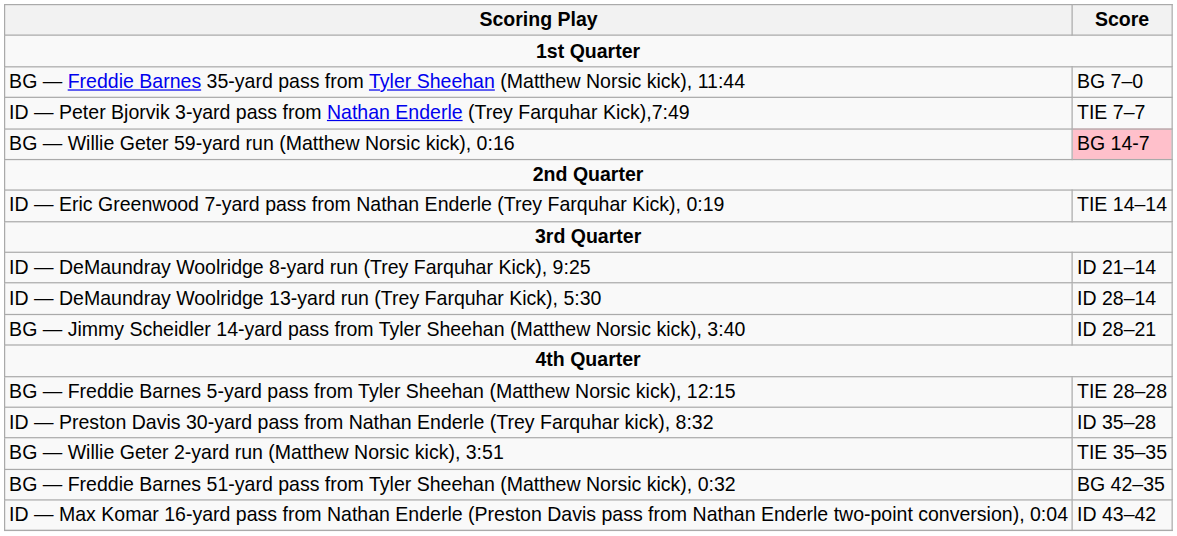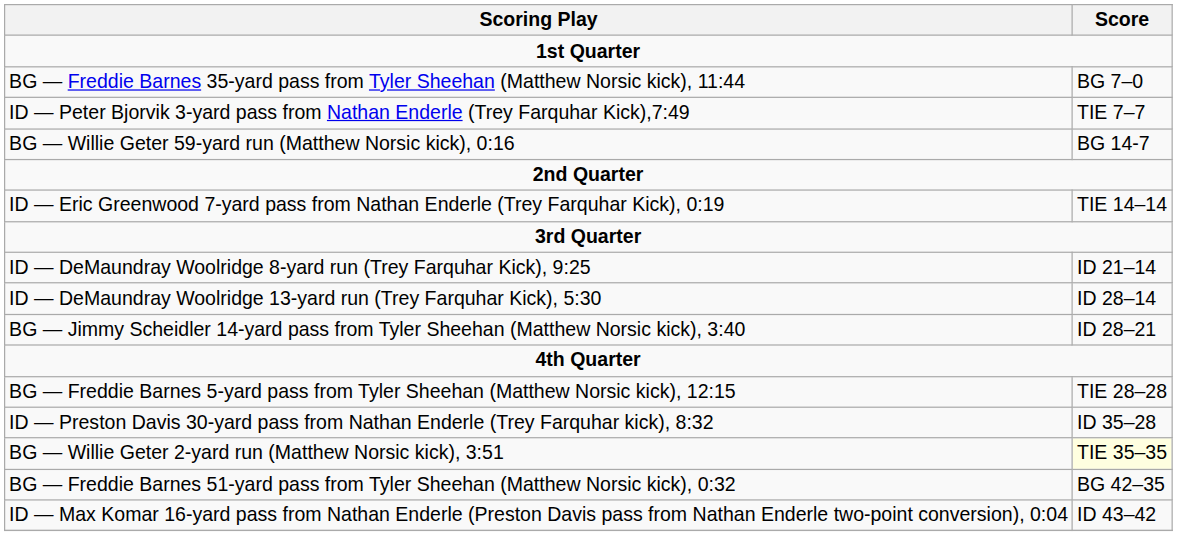 <table class="wikitable">
 <tr>
 <th>Scoring Play</th>
 <th>Score</th>
 </tr>
 <tr>
 <td colspan="4" align="center"><strong>1st Quarter</strong></td>
 </tr>
 <tr>
 <td>BG — <a href='#'>Freddie Barnes</a> 35-yard pass from <a href='#'>Tyler Sheehan</a> (Matthew Norsic kick), 11:44</td>
 <td>BG 7–0</td>
 </tr>
 <tr>
 <td>ID — Peter Bjorvik 3-yard pass from <a href='#'>Nathan Enderle</a> (Trey Farquhar Kick),7:49</td>
 <td>TIE 7–7</td>
 </tr>
 <tr>
 <td>BG — Willie Geter 59-yard run (Matthew Norsic kick), 0:16</td>
-<td style="background: pink;">BG 14-7</td>
+<td>BG 14-7</td>
 </tr>
 <tr>
 <td colspan="4" align="center"><strong>2nd Quarter</strong></td>
 </tr>
 <tr>
 <td>ID — Eric Greenwood 7-yard pass from Nathan Enderle (Trey Farquhar Kick), 0:19</td>
 <td>TIE 14–14</td>
 </tr>
 <tr>
 <td colspan="4" align="center"><strong>3rd Quarter</strong></td>
 </tr>
 <tr>
 <td>ID — DeMaundray Woolridge 8-yard run (Trey Farquhar Kick), 9:25</td>
 <td>ID 21–14</td>
 </tr>
 <tr>
 <td>ID — DeMaundray Woolridge 13-yard run (Trey Farquhar Kick), 5:30</td>
 <td>ID 28–14</td>
 </tr>
 <tr>
 <td>BG — Jimmy Scheidler 14-yard pass from Tyler Sheehan (Matthew Norsic kick), 3:40</td>
 <td>ID 28–21</td>
 </tr>
 <tr>
 <td colspan="4" align="center"><strong>4th Quarter</strong></td>
 </tr>
 <tr>
 <td>BG — Freddie Barnes 5-yard pass from Tyler Sheehan (Matthew Norsic kick), 12:15</td>
 <td>TIE 28–28</td>
 </tr>
 <tr>
 <td>ID — Preston Davis 30-yard pass from Nathan Enderle (Trey Farquhar kick), 8:32</td>
 <td>ID 35–28</td>
 </tr>
 <tr>
 <td>BG — Willie Geter 2-yard run (Matthew Norsic kick), 3:51</td>
-<td>TIE 35–35</td>
+<td style="background: lightyellow;">TIE 35–35</td>
 </tr>
 <tr>
 <td>BG — Freddie Barnes 51-yard pass from Tyler Sheehan (Matthew Norsic kick), 0:32</td>
 <td>BG 42–35</td>
 </tr>
 <tr>
 <td>ID — Max Komar 16-yard pass from Nathan Enderle (Preston Davis pass from Nathan Enderle two-point conversion), 0:04</td>
 <td>ID 43–42</td>
 </tr>
 <tr>
 </tr>
 </table>
